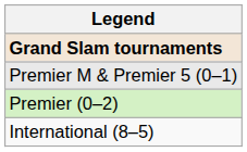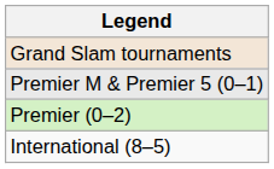 <table class=wikitable style="font-size:90%">
 <tr>
 <th>Legend</th>
 </tr>
 <tr>
-<td bgcolor=f3e6d7><strong>Grand Slam tournaments</strong></td>
+<td bgcolor=f3e6d7>Grand Slam tournaments</td>
 </tr>
 <tr>
 <td bgcolor=e9e9e9>Premier M & Premier 5 (0–1)</td>
 </tr>
 <tr>
 <td bgcolor=d4f1c5>Premier (0–2)</td>
 </tr>
 <tr>
 <td>International (8–5)</td>
 </tr>
 </table>
